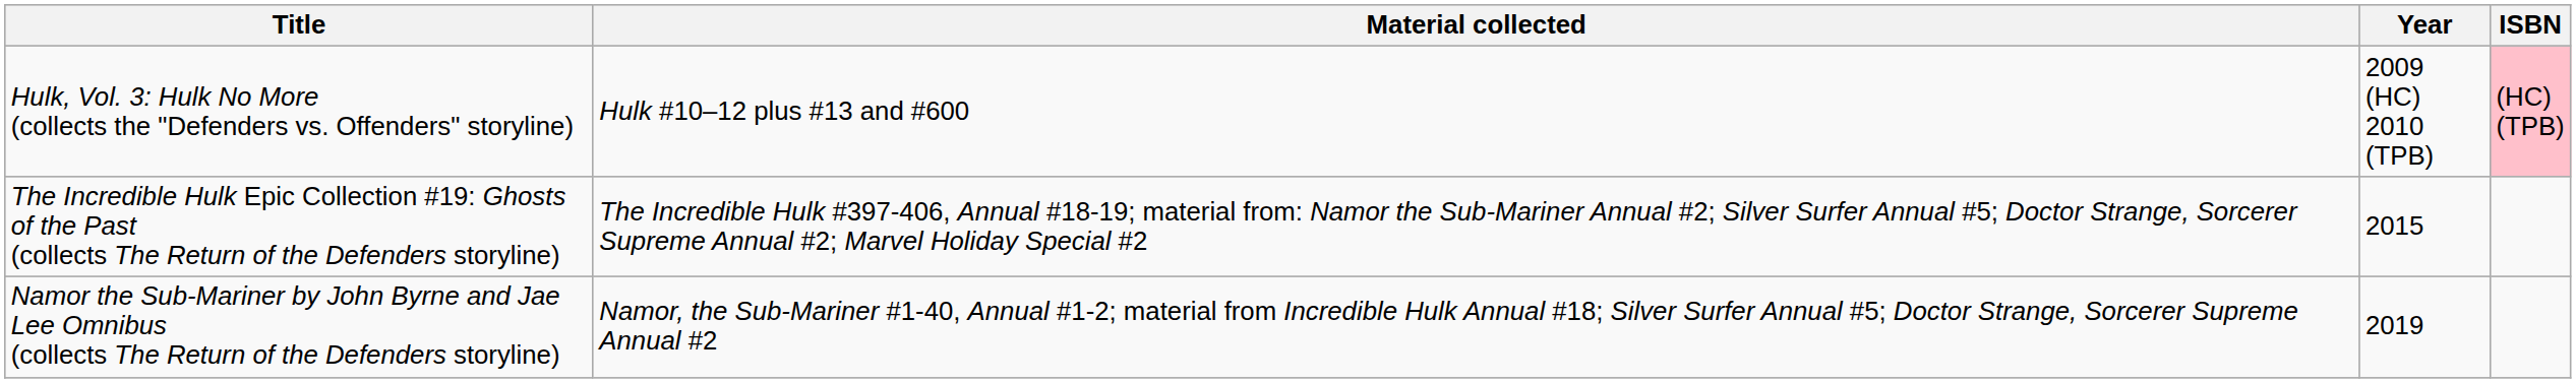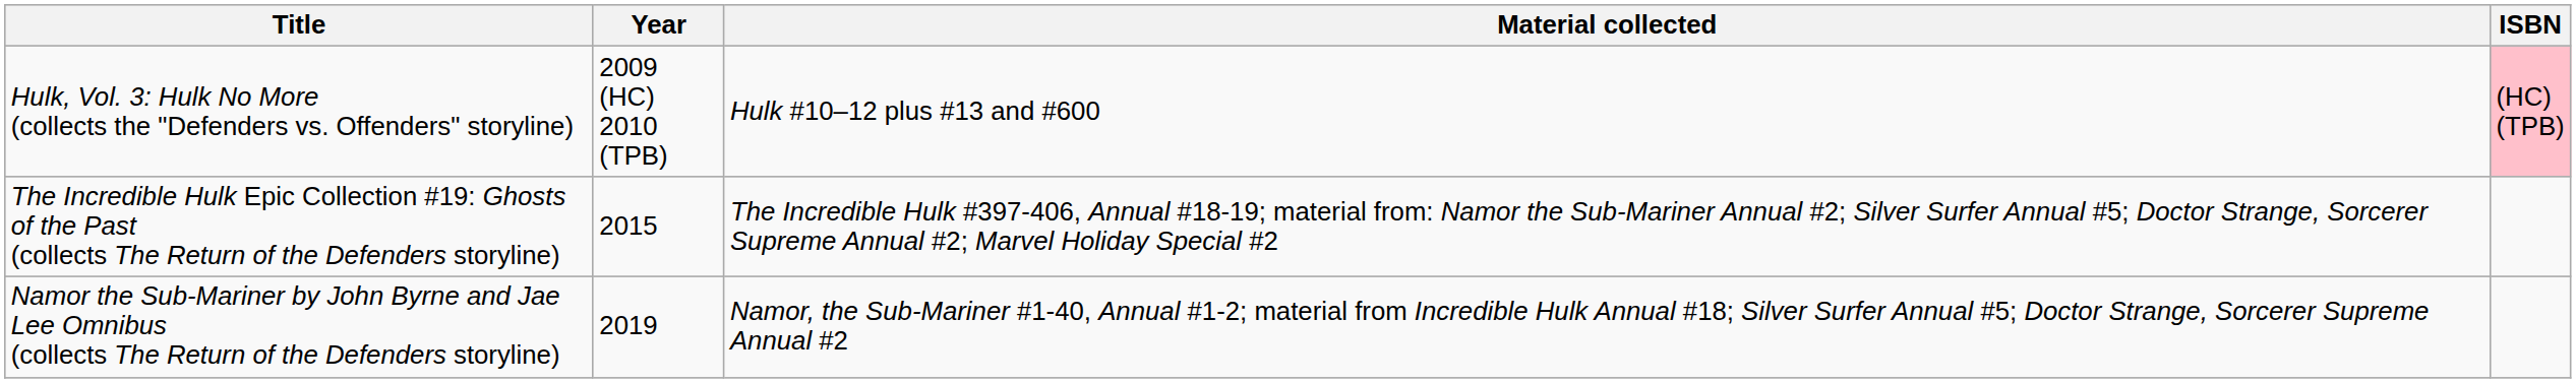 <table class="wikitable sortable">
 <tr>
 <th>Title</th>
+<th>Year</th>
 <th>Material collected</th>
-<th>Year</th>
 <th>ISBN</th>
 </tr>
 <tr>
 <td><em>Hulk, Vol. 3: Hulk No More</em><br>(collects the "Defenders vs. Offenders" storyline)</td>
+<td>2009 (HC)<br>2010 (TPB)</td>
 <td><em>Hulk</em> #10–12 plus #13 and #600</td>
-<td>2009 (HC)<br>2010 (TPB)</td>
 <td style="background: pink;"> (HC) <br>  (TPB)</td>
 </tr>
 <tr>
 <td><em>The Incredible Hulk</em> Epic Collection #19: <em>Ghosts of the Past</em><br>(collects <em>The Return of the Defenders</em> storyline)</td>
+<td>2015</td>
 <td><em>The Incredible Hulk</em> #397-406, <em>Annual</em> #18-19; material from: <em>Namor the Sub-Mariner Annual</em> #2; <em>Silver Surfer Annual</em> #5; <em>Doctor Strange, Sorcerer Supreme Annual</em> #2; <em>Marvel Holiday Special</em> #2</td>
-<td>2015</td>
 <td></td>
 </tr>
 <tr>
 <td><em>Namor the Sub-Mariner by John Byrne and Jae Lee Omnibus</em><br>(collects <em>The Return of the Defenders</em> storyline)</td>
+<td>2019</td>
 <td><em>Namor, the Sub-Mariner</em> #1-40, <em>Annual</em> #1-2; material from <em>Incredible Hulk Annual</em> #18; <em>Silver Surfer Annual</em> #5; <em>Doctor Strange, Sorcerer Supreme Annual</em> #2</td>
-<td>2019</td>
 <td></td>
 </tr>
 </table>
